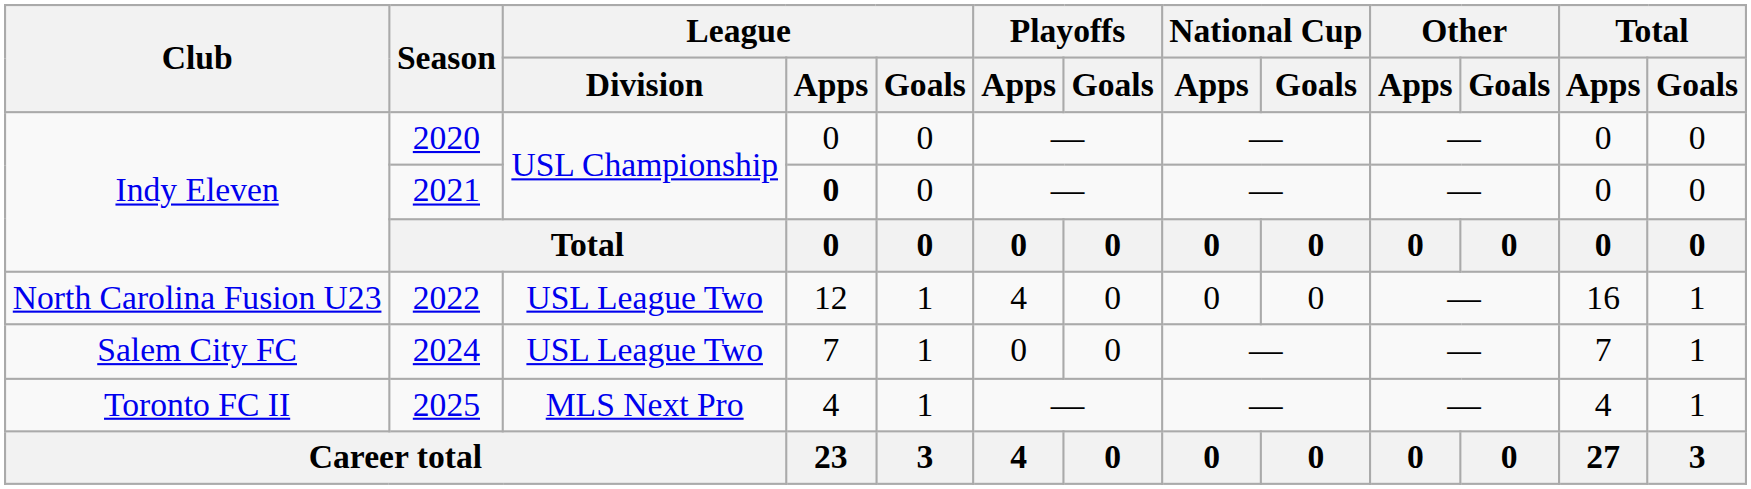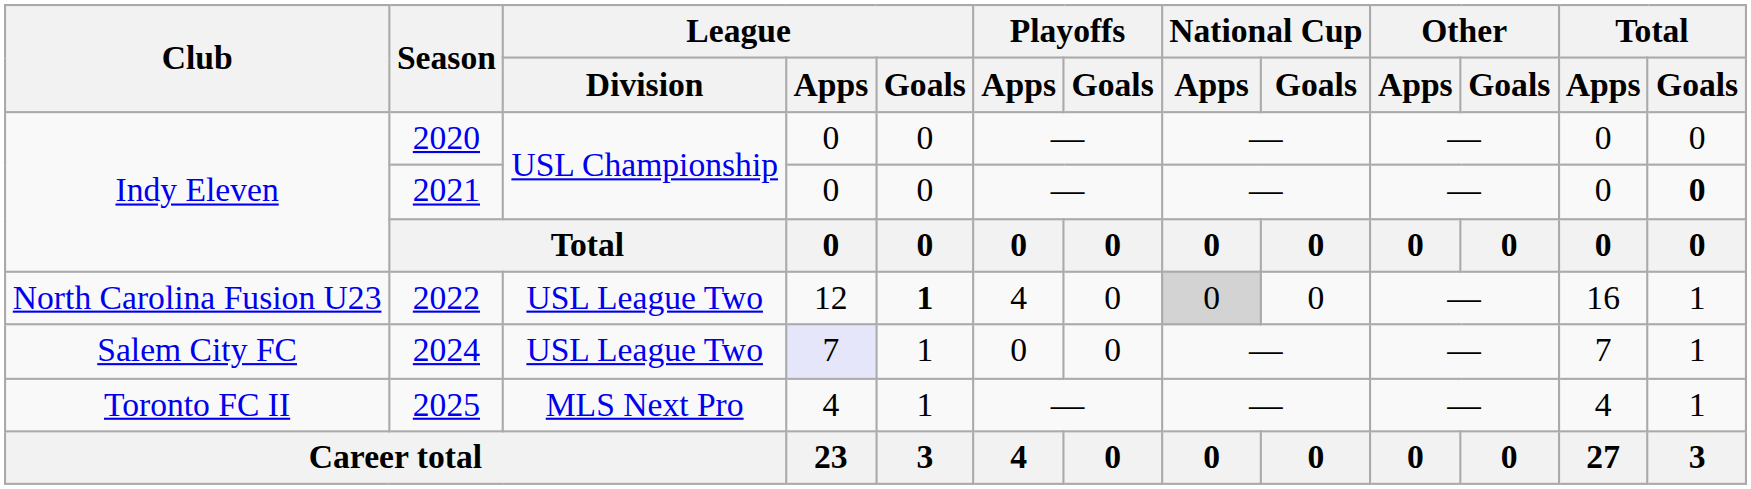 <table class="wikitable" style="text-align: center">
 <tr>
 <th rowspan="2">Club</th>
 <th rowspan="2">Season</th>
 <th colspan="3">League</th>
 <th colspan="2">Playoffs</th>
 <th colspan="2">National Cup</th>
 <th colspan="2">Other</th>
 <th colspan="2">Total</th>
 </tr>
 <tr>
 <th>Division</th>
 <th>Apps</th>
 <th>Goals</th>
 <th>Apps</th>
 <th>Goals</th>
 <th>Apps</th>
 <th>Goals</th>
 <th>Apps</th>
 <th>Goals</th>
 <th>Apps</th>
 <th>Goals</th>
 </tr>
 <tr>
 <td rowspan=3><a href='#'>Indy Eleven</a></td>
 <td><a href='#'>2020</a></td>
 <td rowspan=2><a href='#'>USL Championship</a></td>
 <td>0</td>
 <td>0</td>
 <td colspan="2">—</td>
 <td colspan="2">—</td>
 <td colspan="2">—</td>
 <td>0</td>
 <td>0</td>
 </tr>
 <tr>
 <td><a href='#'>2021</a></td>
-<td><strong>0</strong></td>
+<td>0</td>
 <td>0</td>
 <td colspan="2">—</td>
 <td colspan="2">—</td>
 <td colspan="2">—</td>
 <td>0</td>
-<td>0</td>
+<td><strong>0</strong></td>
 </tr>
 <tr>
 <th colspan="2"><strong>Total</strong></th>
 <th>0</th>
 <th>0</th>
 <th>0</th>
 <th>0</th>
 <th>0</th>
 <th>0</th>
 <th>0</th>
 <th>0</th>
 <th>0</th>
 <th>0</th>
 </tr>
 <tr>
 <td><a href='#'>North Carolina Fusion U23</a></td>
 <td><a href='#'>2022</a></td>
 <td><a href='#'>USL League Two</a></td>
 <td>12</td>
-<td>1</td>
+<td><strong>1</strong></td>
 <td>4</td>
 <td>0</td>
-<td>0</td>
+<td style="background: lightgrey;">0</td>
 <td>0</td>
 <td colspan="2">—</td>
 <td>16</td>
 <td>1</td>
 </tr>
 <tr>
 <td><a href='#'>Salem City FC</a></td>
 <td><a href='#'>2024</a></td>
 <td><a href='#'>USL League Two</a></td>
-<td>7</td>
+<td style="background: lavender;">7</td>
 <td>1</td>
 <td>0</td>
 <td>0</td>
 <td colspan="2">—</td>
 <td colspan="2">—</td>
 <td>7</td>
 <td>1</td>
 </tr>
 <tr>
 <td><a href='#'>Toronto FC II</a></td>
 <td><a href='#'>2025</a></td>
 <td><a href='#'>MLS Next Pro</a></td>
 <td>4</td>
 <td>1</td>
 <td colspan="2">—</td>
 <td colspan="2">—</td>
 <td colspan="2">—</td>
 <td>4</td>
 <td>1</td>
 </tr>
 <tr>
 <th colspan="3">Career total</th>
 <th>23</th>
 <th>3</th>
 <th>4</th>
 <th>0</th>
 <th>0</th>
 <th>0</th>
 <th>0</th>
 <th>0</th>
 <th>27</th>
 <th>3</th>
 </tr>
 </table>
